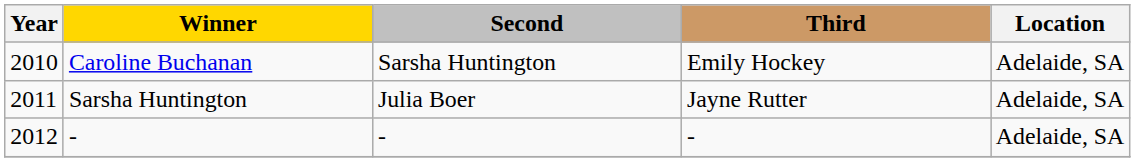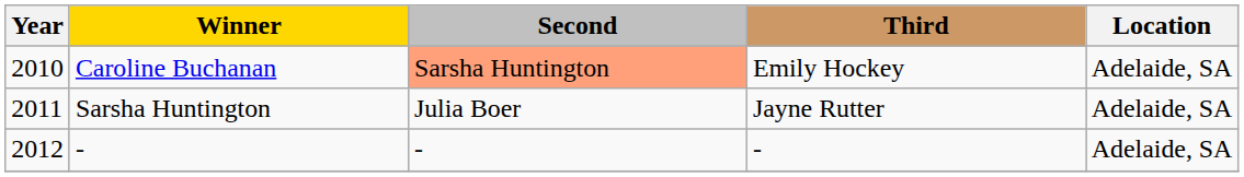 <table class="wikitable sortable">
 <tr>
 <th>Year</th>
 <th scope=col colspan=1 style="width:200px; color: black; background:gold;">Winner</th>
 <th scope=col colspan=1 style="width:200px; color: black; background:silver;">Second</th>
 <th scope=col colspan=1 style="width:200px; color: black; background:#cc9966;">Third</th>
 <th>Location</th>
 </tr>
 <tr>
 <td>2010</td>
 <td><a href='#'>Caroline Buchanan</a></td>
-<td>Sarsha Huntington</td>
+<td style="background: lightsalmon;">Sarsha Huntington</td>
 <td>Emily Hockey</td>
 <td>Adelaide, SA</td>
 </tr>
 <tr>
 <td>2011</td>
 <td>Sarsha Huntington</td>
 <td>Julia Boer</td>
 <td>Jayne Rutter</td>
 <td>Adelaide, SA</td>
 </tr>
 <tr>
 <td>2012</td>
 <td>-</td>
 <td>-</td>
 <td>-</td>
 <td>Adelaide, SA</td>
 </tr>
 <tr>
 </tr>
 </table>
